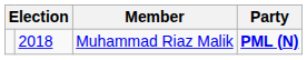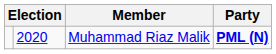 <table class="wikitable">
 <tr>
 <th colspan="2">Election</th>
 <th>Member</th>
 <th>Party</th>
 </tr>
 <tr>
 <td style="background-color: "></td>
-<td><a href='#'>2018</a></td>
+<td><a href='#'>2020</a></td>
 <td><a href='#'>Muhammad Riaz Malik</a></td>
 <td><strong><a href='#'>PML (N)</a></strong></td>
 </tr>
 </table>
